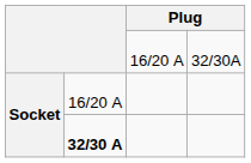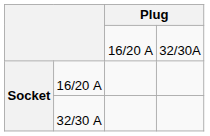 <table class="wikitable collapsible floatleft" style="font-size:90%;text-align:center;">
 <tr>
 <th rowspan=2 colspan=2> </th>
 <th colspan=2>Plug</th>
 </tr>
 <tr>
 <td><br>16/20 A</td>
 <td><br>32/30A</td>
 </tr>
 <tr>
 <th rowspan=2>Socket</th>
 <td><br>16/20 A</td>
 <td></td>
 <td></td>
 </tr>
 <tr>
-<td><strong><br>32/30 A</strong></td>
+<td><br>32/30 A</td>
 <td></td>
 <td></td>
 </tr>
 </table>
